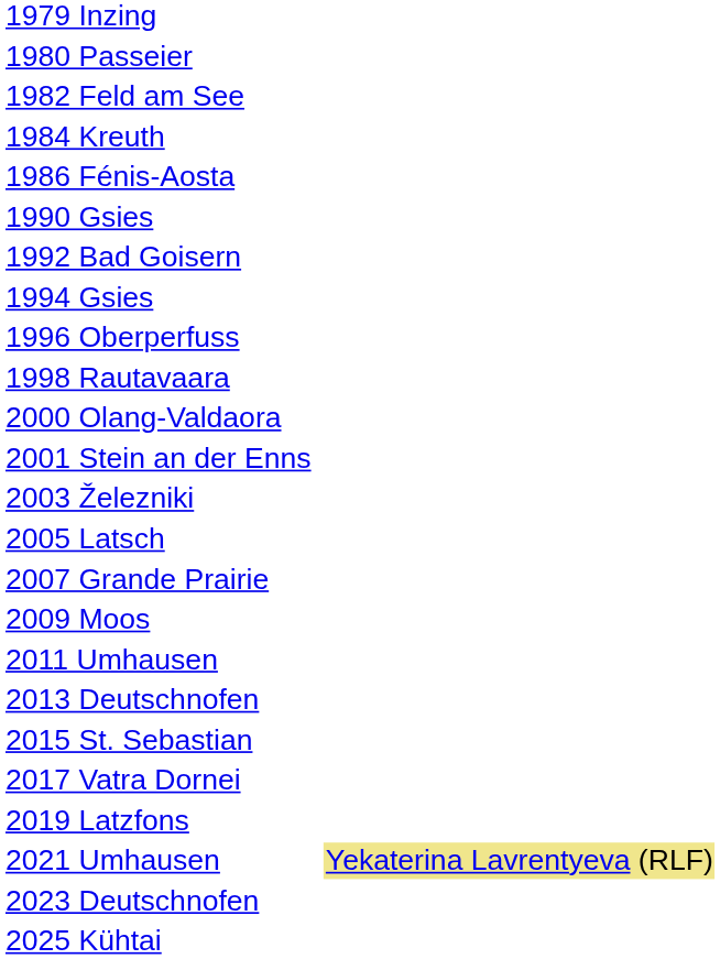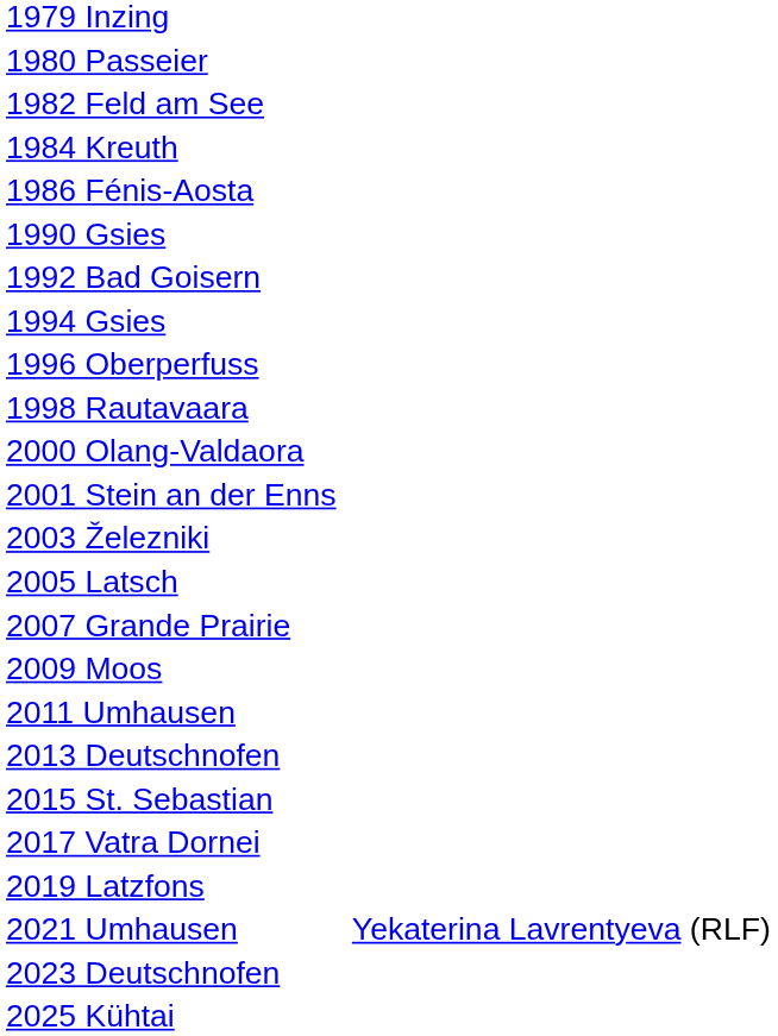 <table>
 <tr>
 <td><a href='#'>1979 Inzing</a></td>
 <td></td>
 <td></td>
 <td></td>
 </tr>
 <tr>
 <td><a href='#'>1980 Passeier</a></td>
 <td></td>
 <td></td>
 <td></td>
 </tr>
 <tr>
 <td><a href='#'>1982 Feld am See</a></td>
 <td></td>
 <td></td>
 <td></td>
 </tr>
 <tr>
 <td><a href='#'>1984 Kreuth</a></td>
 <td></td>
 <td></td>
 <td></td>
 </tr>
 <tr>
 <td><a href='#'>1986 Fénis-Aosta</a></td>
 <td></td>
 <td></td>
 <td></td>
 </tr>
 <tr>
 <td><a href='#'>1990 Gsies</a></td>
 <td></td>
 <td></td>
 <td></td>
 </tr>
 <tr>
 <td><a href='#'>1992 Bad Goisern</a></td>
 <td></td>
 <td></td>
 <td></td>
 </tr>
 <tr>
 <td><a href='#'>1994 Gsies</a></td>
 <td></td>
 <td></td>
 <td></td>
 </tr>
 <tr>
 <td><a href='#'>1996 Oberperfuss</a></td>
 <td></td>
 <td></td>
 <td></td>
 </tr>
 <tr>
 <td><a href='#'>1998 Rautavaara</a></td>
 <td></td>
 <td></td>
 <td></td>
 </tr>
 <tr>
 <td><a href='#'>2000 Olang-Valdaora</a></td>
 <td></td>
 <td></td>
 <td></td>
 </tr>
 <tr>
 <td><a href='#'>2001 Stein an der Enns</a></td>
 <td></td>
 <td></td>
 <td></td>
 </tr>
 <tr>
 <td><a href='#'>2003 Železniki</a></td>
 <td></td>
 <td></td>
 <td></td>
 </tr>
 <tr>
 <td><a href='#'>2005 Latsch</a></td>
 <td></td>
 <td></td>
 <td></td>
 </tr>
 <tr>
 <td><a href='#'>2007 Grande Prairie</a></td>
 <td></td>
 <td></td>
 <td></td>
 </tr>
 <tr>
 <td><a href='#'>2009 Moos</a></td>
 <td></td>
 <td></td>
 <td></td>
 </tr>
 <tr>
 <td><a href='#'>2011 Umhausen</a></td>
 <td></td>
 <td></td>
 <td></td>
 </tr>
 <tr>
 <td><a href='#'>2013 Deutschnofen</a></td>
 <td></td>
 <td></td>
 <td></td>
 </tr>
 <tr>
 <td><a href='#'>2015 St. Sebastian</a></td>
 <td></td>
 <td></td>
 <td></td>
 </tr>
 <tr>
 <td><a href='#'>2017 Vatra Dornei</a></td>
 <td></td>
 <td></td>
 <td></td>
 </tr>
 <tr>
 <td><a href='#'>2019 Latzfons</a></td>
 <td></td>
 <td></td>
 <td></td>
 </tr>
 <tr>
 <td><a href='#'>2021 Umhausen</a></td>
 <td></td>
-<td style="background: khaki;"><a href='#'>Yekaterina Lavrentyeva</a> (RLF)</td>
+<td><a href='#'>Yekaterina Lavrentyeva</a> (RLF)</td>
 <td></td>
 </tr>
 <tr>
 <td><a href='#'>2023 Deutschnofen</a></td>
 <td></td>
 <td></td>
 <td></td>
 </tr>
 <tr>
 <td><a href='#'>2025 Kühtai</a></td>
 <td></td>
 <td></td>
 <td></td>
 </tr>
 </table>
